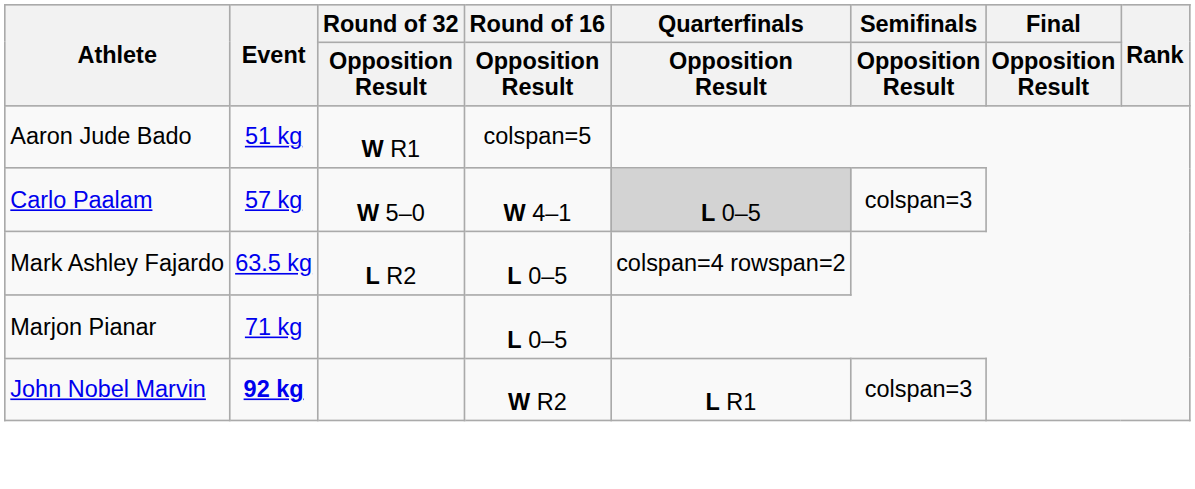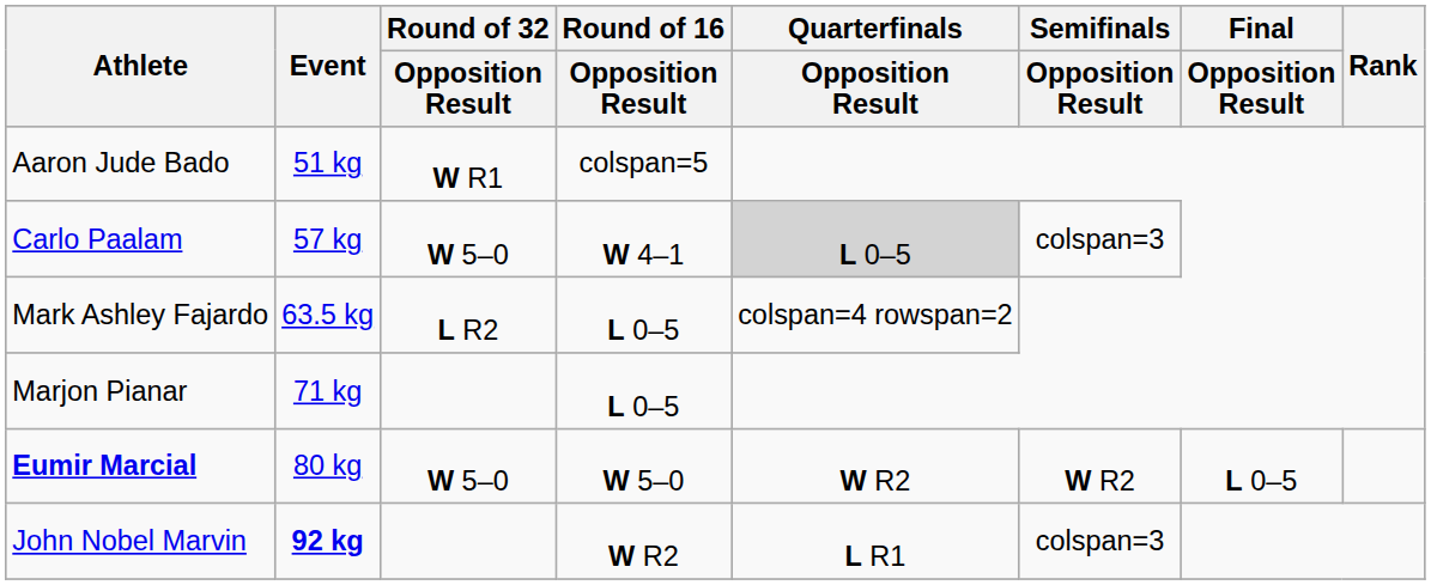 <table class=wikitable style="font-size:90%">
 <tr>
 <th rowspan=2>Athlete</th>
 <th rowspan=2>Event</th>
 <th>Round of 32</th>
 <th>Round of 16</th>
 <th>Quarterfinals</th>
 <th>Semifinals</th>
 <th>Final</th>
 <th rowspan=2>Rank</th>
 </tr>
 <tr>
 <th>Opposition<br>Result</th>
 <th>Opposition<br>Result</th>
 <th>Opposition<br>Result</th>
 <th>Opposition<br>Result</th>
 <th>Opposition<br>Result</th>
 </tr>
 <tr align=center>
 <td align=left>Aaron Jude Bado</td>
 <td><a href='#'>51 kg</a></td>
 <td><br><strong>W</strong>  R1</td>
 <td>colspan=5 </td>
 </tr>
 <tr align=center>
 <td align=left><a href='#'>Carlo Paalam</a></td>
 <td><a href='#'>57 kg</a></td>
 <td><br><strong>W</strong> 5–0</td>
 <td><br><strong>W</strong> 4–1</td>
 <td style="background: lightgrey;"><br><strong>L</strong> 0–5</td>
 <td>colspan=3 </td>
 </tr>
 <tr align=center>
 <td align=left>Mark Ashley Fajardo</td>
 <td><a href='#'>63.5 kg</a></td>
 <td><br><strong>L</strong> <strong></strong> R2</td>
 <td><br><strong>L</strong> 0–5</td>
 <td>colspan=4 rowspan=2 </td>
 </tr>
 <tr align=center>
 <td align=left>Marjon Pianar</td>
 <td><a href='#'>71 kg</a></td>
 <td></td>
 <td><br><strong>L</strong> 0–5</td>
 </tr>
 <tr align=center>
+<td align=left><strong><a href='#'>Eumir Marcial</a></strong></td>
+<td><a href='#'>80 kg</a></td>
+<td><br><strong>W</strong> 5–0</td>
+<td><br><strong>W</strong> 5–0</td>
+<td><br><strong>W</strong>  R2</td>
+<td><br><strong>W</strong>  R2</td>
+<td><br><strong>L</strong> 0–5</td>
+<td></td>
+</tr>
+<tr align=center>
 <td align=left><a href='#'>John Nobel Marvin</a></td>
 <td><strong><a href='#'>92 kg</a></strong></td>
 <td></td>
 <td><br><strong>W</strong> <strong></strong> R2</td>
 <td><br><strong>L</strong>  R1</td>
 <td>colspan=3 </td>
 </tr>
 </table>
